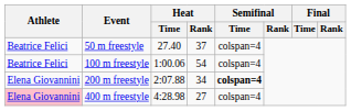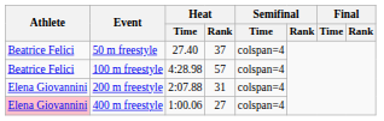 <table class=wikitable style="font-size:90%">
 <tr>
 <th rowspan="2">Athlete</th>
 <th rowspan="2">Event</th>
 <th colspan="2">Heat</th>
 <th colspan="2">Semifinal</th>
 <th colspan="2">Final</th>
 </tr>
 <tr style="font-size:95%">
 <th>Time</th>
 <th>Rank</th>
 <th>Time</th>
 <th>Rank</th>
 <th>Time</th>
 <th>Rank</th>
 </tr>
 <tr align=center>
 <td align=left><a href='#'>Beatrice Felici</a></td>
 <td align=left><a href='#'>50 m freestyle</a></td>
 <td>27.40</td>
 <td>37</td>
 <td>colspan=4 </td>
 </tr>
 <tr align=center>
 <td align=left><a href='#'>Beatrice Felici</a></td>
 <td align=left><a href='#'>100 m freestyle</a></td>
-<td>1:00.06</td>
-<td>54</td>
+<td>4:28.98</td>
+<td>57</td>
 <td>colspan=4 </td>
 </tr>
 <tr align=center>
 <td align=left><a href='#'>Elena Giovannini</a></td>
 <td align=left><a href='#'>200 m freestyle</a></td>
 <td>2:07.88</td>
-<td>34</td>
-<td><strong>colspan=4 </strong></td>
+<td>31</td>
+<td>colspan=4 </td>
 </tr>
 <tr align=center>
 <td align=left style="background: pink;"><a href='#'>Elena Giovannini</a></td>
 <td align=left><a href='#'>400 m freestyle</a></td>
-<td>4:28.98</td>
+<td>1:00.06</td>
 <td>27</td>
 <td>colspan=4 </td>
 </tr>
 </table>
